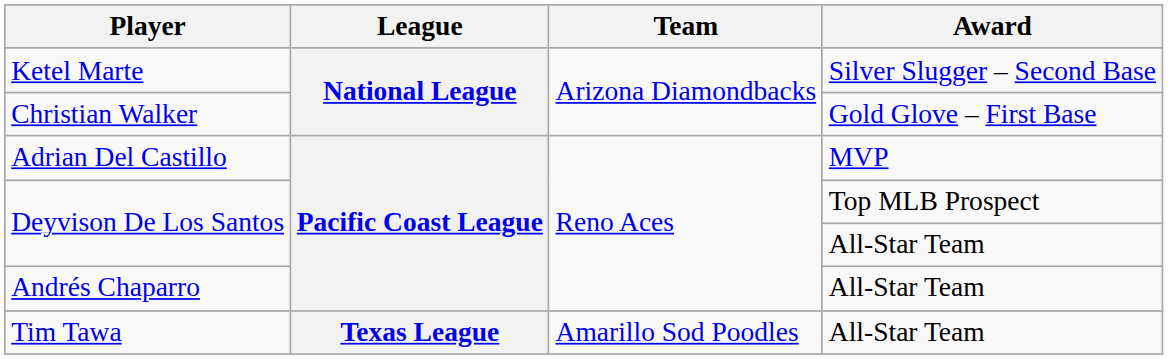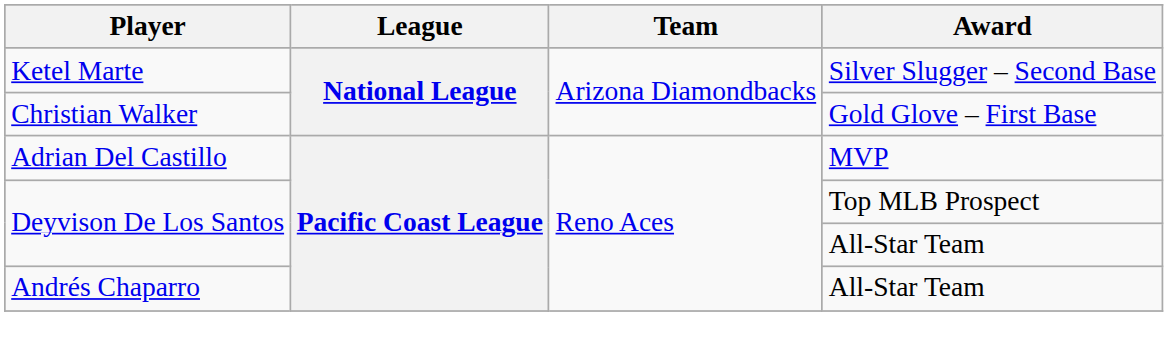 <table class="wikitable plainrowheaders">
 <tr>
 <th scope="col" style="text-align:center; ">Player</th>
 <th scope="col" style="text-align:center; ">League</th>
 <th scope="col" style="text-align:center; ">Team</th>
 <th scope="col" style="text-align:center; ">Award</th>
 </tr>
 <tr>
 <td><a href='#'>Ketel Marte</a></td>
 <th rowspan="2"><a href='#'>National League</a></th>
 <td rowspan="2"><a href='#'>Arizona Diamondbacks</a></td>
 <td><a href='#'>Silver Slugger</a> – <a href='#'>Second Base</a></td>
 </tr>
 <tr>
 <td><a href='#'>Christian Walker</a></td>
 <td><a href='#'>Gold Glove</a> – <a href='#'>First Base</a></td>
 </tr>
 <tr>
 <td><a href='#'>Adrian Del Castillo</a></td>
 <th rowspan="4" scope="row"><a href='#'>Pacific Coast League</a></th>
 <td rowspan="4"><a href='#'>Reno Aces</a></td>
 <td><a href='#'>MVP</a></td>
 </tr>
 <tr>
 <td rowspan="2"><a href='#'>Deyvison De Los Santos</a></td>
 <td>Top MLB Prospect</td>
 </tr>
 <tr>
 <td>All-Star Team</td>
 </tr>
 <tr>
 <td><a href='#'>Andrés Chaparro</a></td>
 <td>All-Star Team</td>
 </tr>
-<tr>
-<td><a href='#'>Tim Tawa</a></td>
-<th scope="row"><a href='#'>Texas League</a></th>
-<td><a href='#'>Amarillo Sod Poodles</a></td>
-<td>All-Star Team</td>
-</tr>
 </table>
